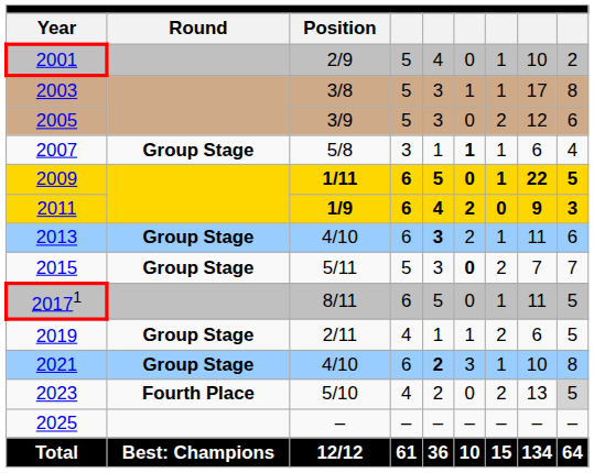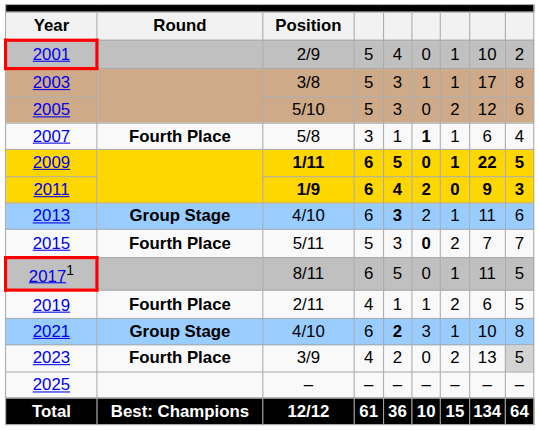 <table class="wikitable" style="text-align: center;">
 <tr>
 <th colspan=9 style="background: #000000; color: #FFFFFF;"><a href='#'></a></th>
 </tr>
 <tr>
 <th width=80>Year</th>
 <th width=150>Round</th>
 <th width=80>Position</th>
 <th width=20></th>
 <th width=20></th>
 <th width=20></th>
 <th width=20></th>
 <th width=20></th>
 <th width=20></th>
 </tr>
 <tr style="background:silver;">
 <td style="border: 3px solid red"> <a href='#'>2001</a></td>
 <td></td>
 <td>2/9</td>
 <td>5</td>
 <td>4</td>
 <td>0</td>
 <td>1</td>
 <td>10</td>
 <td>2</td>
 </tr>
 <tr style="background:#cfaa88;">
 <td> <a href='#'>2003</a></td>
 <td rowspan="2" colspan="1"></td>
 <td>3/8</td>
 <td>5</td>
 <td>3</td>
 <td>1</td>
 <td>1</td>
 <td>17</td>
 <td>8</td>
 </tr>
 <tr style="background:#cfaa88;">
 <td> <a href='#'>2005</a></td>
-<td>3/9</td>
+<td>5/10</td>
 <td>5</td>
 <td>3</td>
 <td>0</td>
 <td>2</td>
 <td>12</td>
 <td>6</td>
 </tr>
 <tr>
 <td> <a href='#'>2007</a></td>
-<td><strong>Group Stage</strong></td>
+<td><strong>Fourth Place</strong></td>
 <td>5/8</td>
 <td>3</td>
 <td>1</td>
 <td><strong>1</strong></td>
 <td>1</td>
 <td>6</td>
 <td>4</td>
 </tr>
 <tr style="background:Gold;">
 <td> <a href='#'>2009</a></td>
 <td rowspan="2" colspan="1"></td>
 <td><strong>1/11</strong></td>
 <td><strong>6</strong></td>
 <td><strong>5</strong></td>
 <td><strong>0</strong></td>
 <td><strong>1</strong></td>
 <td><strong>22</strong></td>
 <td><strong>5</strong></td>
 </tr>
 <tr style="background:Gold;">
 <td> <a href='#'>2011</a></td>
 <td><strong>1/9</strong></td>
 <td><strong>6</strong></td>
 <td><strong>4</strong></td>
 <td><strong>2</strong></td>
 <td><strong>0</strong></td>
 <td><strong>9</strong></td>
 <td><strong>3</strong></td>
 </tr>
 <tr style="background:#9acdff;">
 <td> <a href='#'>2013</a></td>
 <td><strong>Group Stage</strong></td>
 <td>4/10</td>
 <td>6</td>
 <td><strong>3</strong></td>
 <td>2</td>
 <td>1</td>
 <td>11</td>
 <td>6</td>
 </tr>
 <tr>
 <td> <a href='#'>2015</a></td>
-<td><strong>Group Stage</strong></td>
+<td><strong>Fourth Place</strong></td>
 <td>5/11</td>
 <td>5</td>
 <td>3</td>
 <td><strong>0</strong></td>
 <td>2</td>
 <td>7</td>
 <td>7</td>
 </tr>
 <tr bgcolor=silver>
 <td style="border: 3px solid red"> <a href='#'>2017</a><sup>1</sup></td>
 <td></td>
 <td>8/11</td>
 <td>6</td>
 <td>5</td>
 <td>0</td>
 <td>1</td>
 <td>11</td>
 <td>5</td>
 </tr>
 <tr>
 <td> <a href='#'>2019</a></td>
-<td><strong>Group Stage</strong></td>
+<td><strong>Fourth Place</strong></td>
 <td>2/11</td>
 <td>4</td>
 <td>1</td>
 <td>1</td>
 <td>2</td>
 <td>6</td>
 <td>5</td>
 </tr>
 <tr style="background:#9acdff;">
 <td> <a href='#'>2021</a></td>
 <td><strong>Group Stage</strong></td>
 <td>4/10</td>
 <td>6</td>
 <td><strong>2</strong></td>
 <td>3</td>
 <td>1</td>
 <td>10</td>
 <td>8</td>
 </tr>
 <tr>
 <td> <a href='#'>2023</a></td>
 <td><strong>Fourth Place</strong></td>
-<td>5/10</td>
+<td>3/9</td>
 <td>4</td>
 <td>2</td>
 <td>0</td>
 <td>2</td>
 <td>13</td>
 <td style="background: lightgrey;">5</td>
 </tr>
 <tr>
 <td> <a href='#'>2025</a></td>
 <td></td>
 <td>–</td>
 <td>–</td>
 <td>–</td>
 <td>–</td>
 <td>–</td>
 <td>–</td>
 <td>–</td>
 </tr>
 <tr>
 <td style="background: #000000; color: #FFFFFF;"><strong>Total</strong></td>
 <td style="background: #000000; color: #FFFFFF;"><strong>Best: Champions</strong></td>
 <td style="background: #000000; color: #FFFFFF;"><strong>12/12</strong></td>
 <td style="background: #000000; color: #FFFFFF;"><strong>61</strong></td>
 <td style="background: #000000; color: #FFFFFF;"><strong>36</strong></td>
 <td style="background: #000000; color: #FFFFFF;"><strong>10</strong></td>
 <td style="background: #000000; color: #FFFFFF;"><strong>15</strong></td>
 <td style="background: #000000; color: #FFFFFF;"><strong>134</strong></td>
 <td style="background: #000000; color: #FFFFFF;"><strong>64</strong></td>
 </tr>
 </table>
